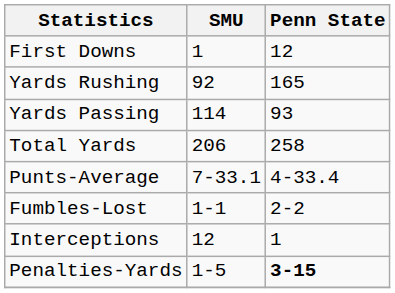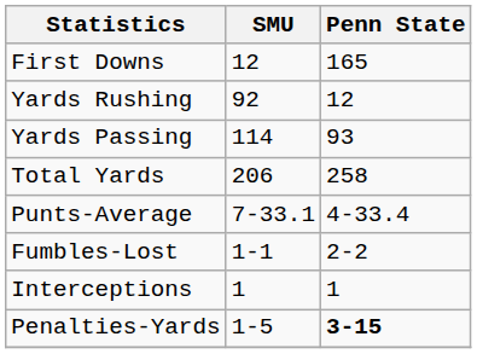 <table class="wikitable">
 <tr>
 <th>Statistics</th>
 <th>SMU</th>
 <th>Penn State</th>
 </tr>
 <tr>
 <td>First Downs</td>
-<td>1</td>
 <td>12</td>
+<td>165</td>
 </tr>
 <tr>
 <td>Yards Rushing</td>
 <td>92</td>
-<td>165</td>
+<td>12</td>
 </tr>
 <tr>
 <td>Yards Passing</td>
 <td>114</td>
 <td>93</td>
 </tr>
 <tr>
 <td>Total Yards</td>
 <td>206</td>
 <td>258</td>
 </tr>
 <tr>
 <td>Punts-Average</td>
 <td>7-33.1</td>
 <td>4-33.4</td>
 </tr>
 <tr>
 <td>Fumbles-Lost</td>
 <td>1-1</td>
 <td>2-2</td>
 </tr>
 <tr>
 <td>Interceptions</td>
-<td>12</td>
+<td>1</td>
 <td>1</td>
 </tr>
 <tr>
 <td>Penalties-Yards</td>
 <td>1-5</td>
 <td><strong>3-15</strong></td>
 </tr>
 <tr>
 </tr>
 </table>
